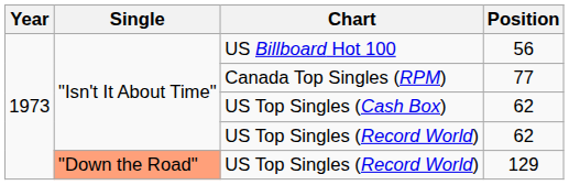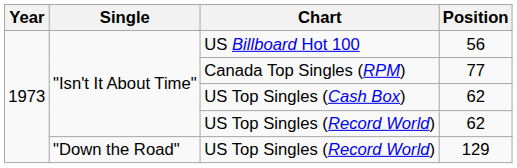 <table class="wikitable">
 <tr>
 <th>Year</th>
 <th>Single</th>
 <th>Chart</th>
 <th>Position</th>
 </tr>
 <tr>
 <td rowspan="5">1973</td>
 <td rowspan="4">"Isn't It About Time"</td>
 <td>US <a href='#'><em>Billboard</em> Hot 100</a></td>
 <td align=center>56</td>
 </tr>
 <tr>
 <td>Canada Top Singles (<em><a href='#'>RPM</a></em>) </td>
 <td align=center>77</td>
 </tr>
 <tr>
 <td>US Top Singles (<em><a href='#'>Cash Box</a></em>) </td>
 <td align=center>62</td>
 </tr>
 <tr>
 <td>US Top Singles (<em><a href='#'>Record World</a></em>) </td>
 <td align=center>62</td>
 </tr>
 <tr>
-<td style="background: lightsalmon;">"Down the Road"</td>
+<td>"Down the Road"</td>
 <td>US Top Singles (<em><a href='#'>Record World</a></em>) </td>
 <td align=center>129</td>
 </tr>
 </table>
